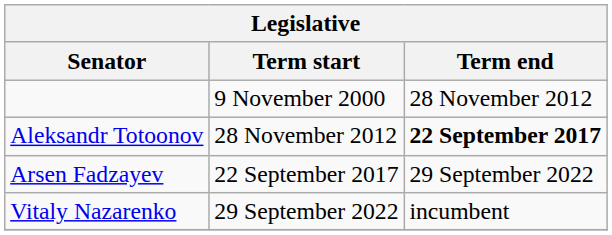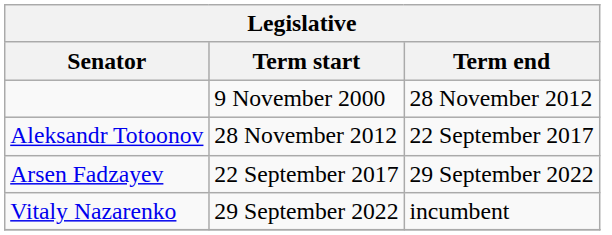 <table class="wikitable sortable">
 <tr>
 <th colspan=3>Legislative</th>
 </tr>
 <tr>
 <th>Senator</th>
 <th>Term start</th>
 <th>Term end</th>
 </tr>
 <tr>
 <td></td>
 <td>9 November 2000</td>
 <td>28 November 2012</td>
 </tr>
 <tr>
 <td><a href='#'>Aleksandr Totoonov</a></td>
 <td>28 November 2012</td>
-<td><strong>22 September 2017</strong></td>
+<td>22 September 2017</td>
 </tr>
 <tr>
 <td><a href='#'>Arsen Fadzayev</a></td>
 <td>22 September 2017</td>
 <td>29 September 2022</td>
 </tr>
 <tr>
 <td><a href='#'>Vitaly Nazarenko</a></td>
 <td>29 September 2022</td>
 <td>incumbent</td>
 </tr>
 <tr>
 </tr>
 </table>
